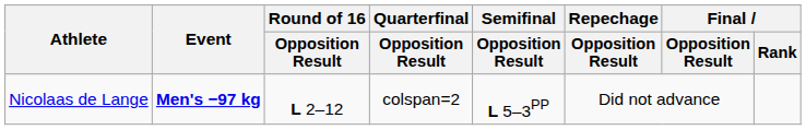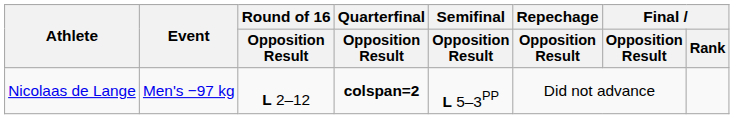 <table class="wikitable" style="font-size:90%">
 <tr>
 <th rowspan=2>Athlete</th>
 <th rowspan=2>Event</th>
 <th>Round of 16</th>
 <th>Quarterfinal</th>
 <th>Semifinal</th>
 <th>Repechage</th>
 <th colspan=2>Final / </th>
 </tr>
 <tr style="font-size: 95%">
 <th>Opposition<br>Result</th>
 <th>Opposition<br>Result</th>
 <th>Opposition<br>Result</th>
 <th>Opposition<br>Result</th>
 <th>Opposition<br>Result</th>
 <th>Rank</th>
 </tr>
 <tr align=center>
 <td align=left><a href='#'>Nicolaas de Lange</a></td>
-<td align=left><strong><a href='#'>Men's −97 kg</a></strong></td>
+<td align=left><a href='#'>Men's −97 kg</a></td>
 <td><br><strong>L</strong> 2–12</td>
-<td>colspan=2 </td>
+<td><strong>colspan=2 </strong></td>
 <td><br><strong>L</strong> 5–3<sup>PP</sup></td>
 <td colspan="2">Did not advance</td>
 </tr>
 </table>
